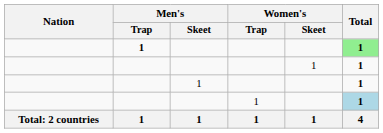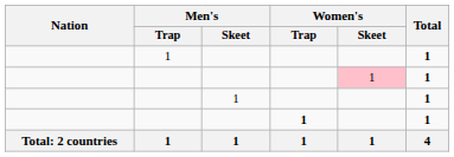 <table class="wikitable" width=500 style="text-align:center; font-size:90%">
 <tr>
 <th rowspan="2" align="left">Nation</th>
 <th colspan="2">Men's</th>
 <th colspan="2">Women's</th>
 <th rowspan="2">Total</th>
 </tr>
 <tr style="font-size:95%">
 <th width=70>Trap</th>
 <th width=70>Skeet</th>
 <th width=70>Trap</th>
 <th width=70>Skeet</th>
 </tr>
 <tr>
 <td align=left></td>
-<td><strong>1</strong></td>
+<td>1</td>
 <td></td>
 <td></td>
 <td></td>
-<td style="background: lightgreen;"><strong>1</strong></td>
+<td><strong>1</strong></td>
 </tr>
 <tr>
 <td align=left></td>
 <td></td>
 <td></td>
 <td></td>
-<td>1</td>
+<td style="background: pink;">1</td>
 <td><strong>1</strong></td>
 </tr>
 <tr>
 <td align=left></td>
 <td></td>
 <td>1</td>
 <td></td>
 <td></td>
 <td><strong>1</strong></td>
 </tr>
 <tr>
 <td align=left></td>
 <td></td>
 <td></td>
-<td>1</td>
+<td><strong>1</strong></td>
 <td></td>
-<td style="background: lightblue;"><strong>1</strong></td>
+<td><strong>1</strong></td>
 </tr>
 <tr>
 <th>Total: 2 countries</th>
 <th>1</th>
 <th>1</th>
 <th>1</th>
 <th>1</th>
 <th>4</th>
 </tr>
 </table>
